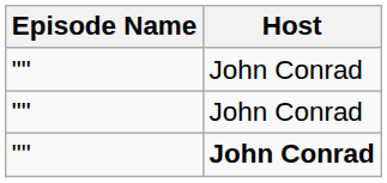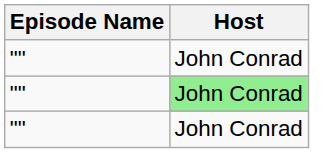 <table class="wikitable">
 <tr>
 <th scope="col">Episode Name</th>
 <th scope="col">Host</th>
 </tr>
 <tr>
 <td>""</td>
 <td>John Conrad</td>
 </tr>
 <tr>
 <td>""</td>
-<td>John Conrad</td>
+<td style="background: lightgreen;">John Conrad</td>
 </tr>
 <tr>
 <td>""</td>
-<td><strong>John Conrad</strong></td>
+<td>John Conrad</td>
 </tr>
 </table>
